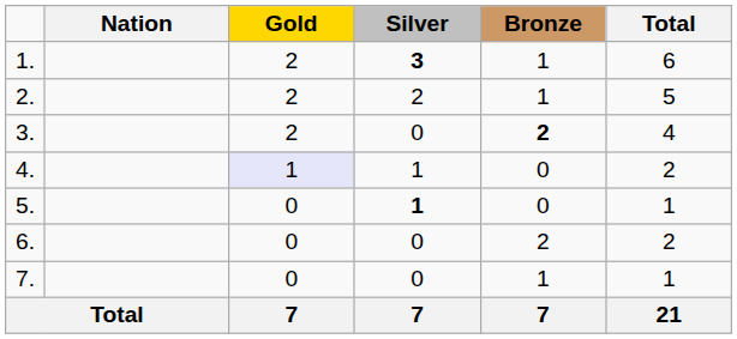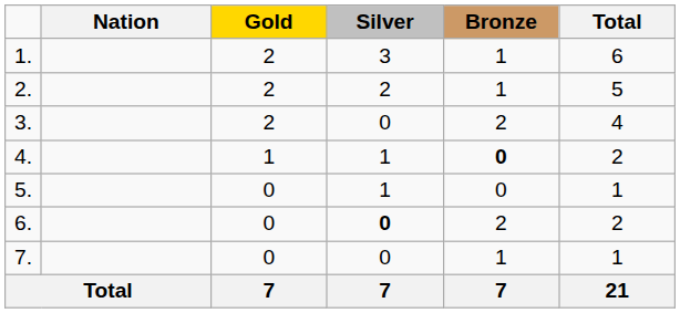 <table class="wikitable" style="text-align:center">
 <tr>
 <td width="20"></td>
 <th width="120">Nation</th>
 <th style="background-color:gold;" width="80"> Gold</th>
 <th style="background-color:silver;" width="80">Silver</th>
 <th style="background-color:#CC9966;" width="80"> Bronze</th>
 <th width="80">Total</th>
 </tr>
 <tr>
 <td>1.</td>
 <td align=left></td>
 <td>2</td>
-<td><strong>3</strong></td>
+<td>3</td>
 <td>1</td>
 <td>6</td>
 </tr>
 <tr>
 <td>2.</td>
 <td align=left></td>
 <td>2</td>
 <td>2</td>
 <td>1</td>
 <td>5</td>
 </tr>
 <tr>
 <td>3.</td>
 <td align=left></td>
 <td>2</td>
 <td>0</td>
-<td><strong>2</strong></td>
+<td>2</td>
 <td>4</td>
 </tr>
 <tr>
 <td>4.</td>
 <td align=left></td>
-<td style="background: lavender;">1</td>
 <td>1</td>
-<td>0</td>
+<td>1</td>
+<td><strong>0</strong></td>
 <td>2</td>
 </tr>
 <tr>
 <td>5.</td>
 <td align=left></td>
 <td>0</td>
-<td><strong>1</strong></td>
+<td>1</td>
 <td>0</td>
 <td>1</td>
 </tr>
 <tr>
 <td>6.</td>
 <td align=left></td>
 <td>0</td>
-<td>0</td>
+<td><strong>0</strong></td>
 <td>2</td>
 <td>2</td>
 </tr>
 <tr>
 <td>7.</td>
 <td align=left></td>
 <td>0</td>
 <td>0</td>
 <td>1</td>
 <td>1</td>
 </tr>
 <tr>
 <th colspan=2>Total</th>
 <th>7</th>
 <th>7</th>
 <th>7</th>
 <th>21</th>
 </tr>
 </table>
